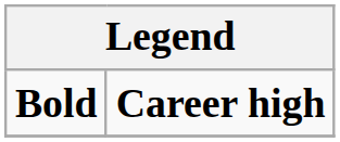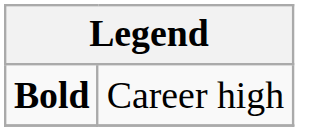 <table class="wikitable">
 <tr>
 <th colspan="2">Legend</th>
 </tr>
 <tr>
 <td><strong>Bold</strong></td>
-<td><strong>Career high</strong></td>
+<td>Career high</td>
 </tr>
 <tr>
 </tr>
 </table>
